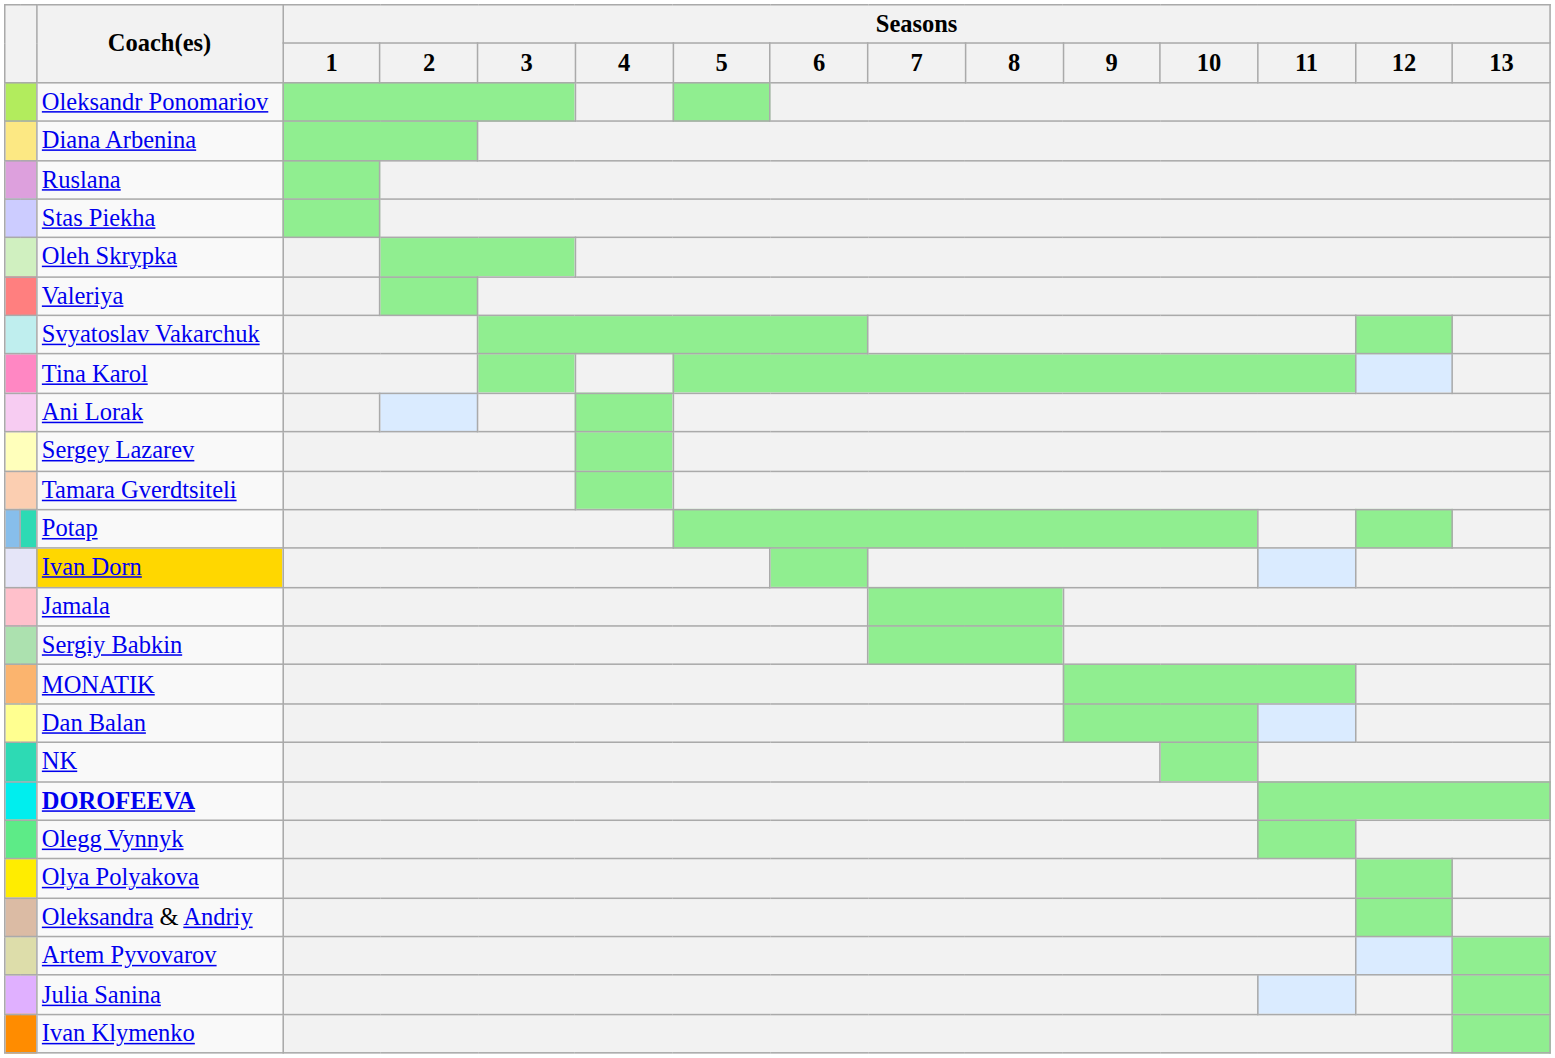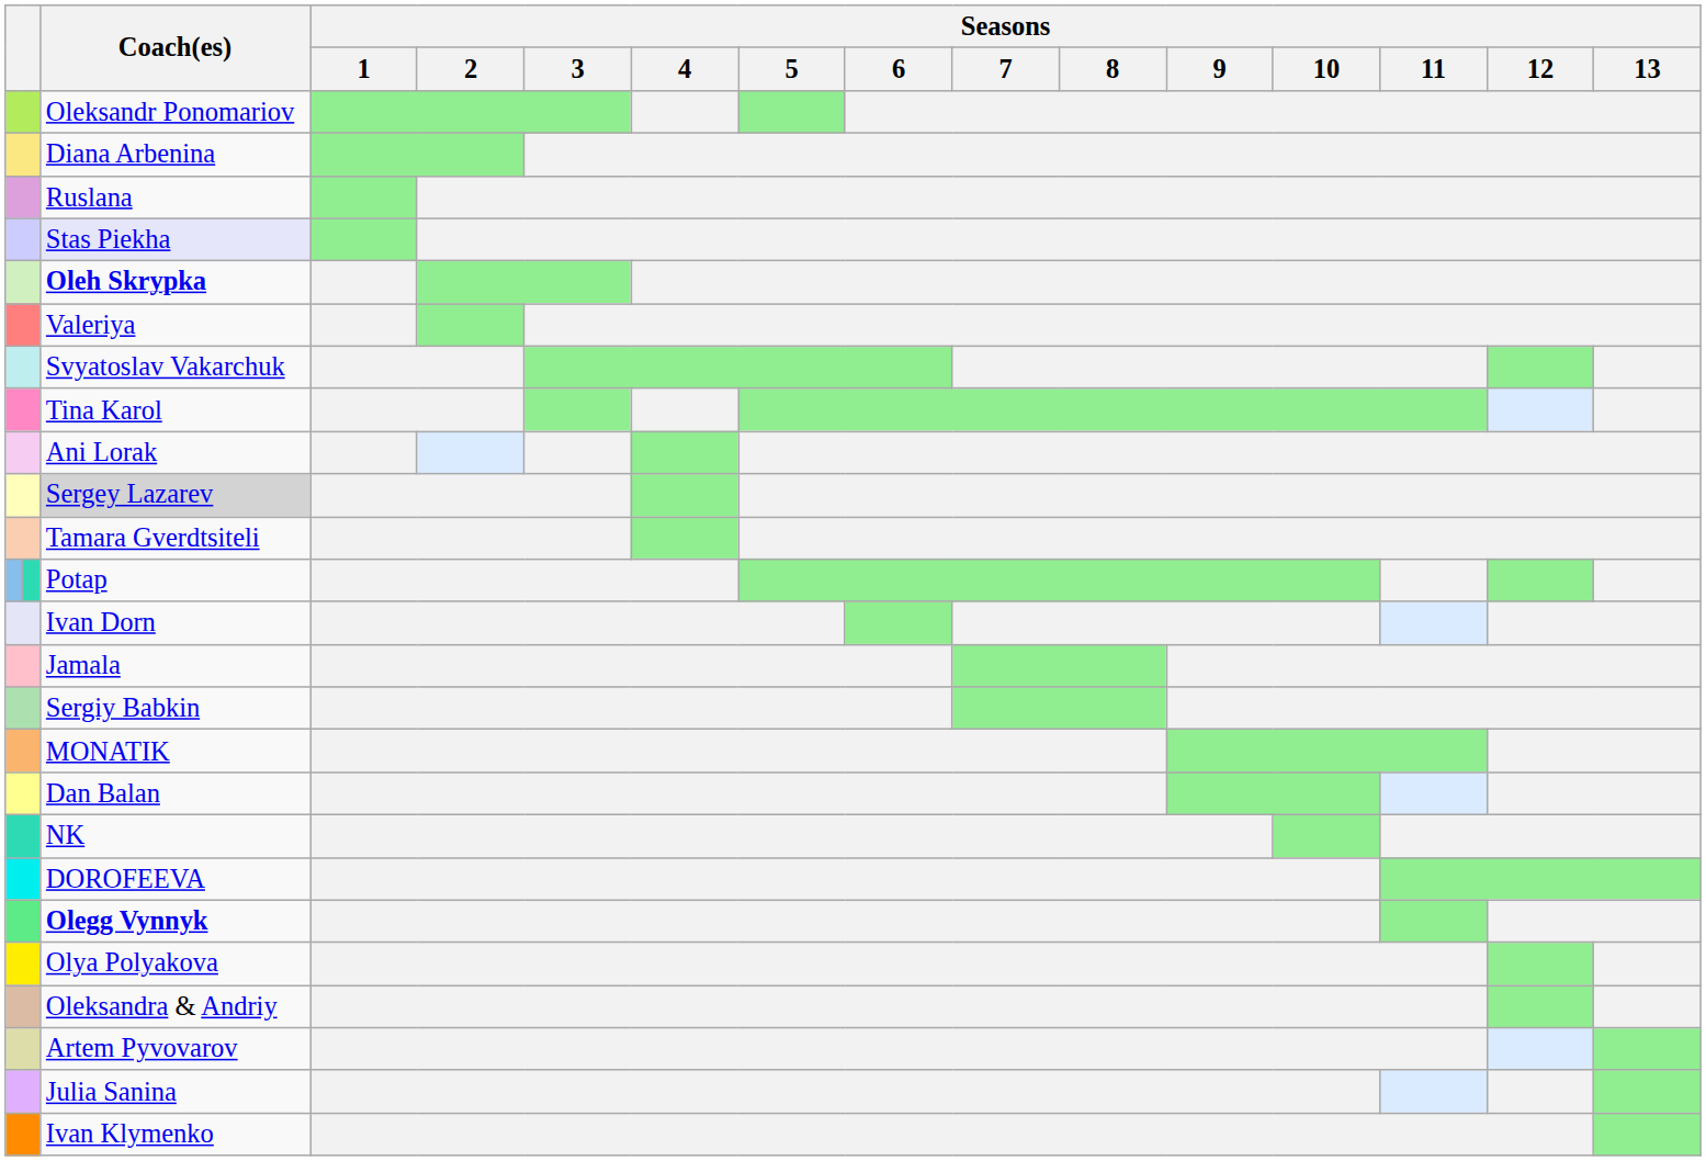 <table class="wikitable nowrap" style="width:80%; white-space: nowrap">
 <tr>
 <th rowspan="2" colspan="2" style="width:1%"></th>
 <th rowspan="2" width="01%">Coach(es)</th>
 <th colspan="13">Seasons</th>
 </tr>
 <tr>
 <th width="04%">1</th>
 <th width="04%">2</th>
 <th width="04%">3</th>
 <th width="04%">4</th>
 <th width="04%">5</th>
 <th width="04%">6</th>
 <th width="04%">7</th>
 <th width="04%">8</th>
 <th width="04%">9</th>
 <th width="04%">10</th>
 <th width="04%">11</th>
 <th width="04%">12</th>
 <th width="04%">13</th>
 </tr>
 <tr>
 <th colspan="2" style="background:#B2EC5D"></th>
 <td><a href='#'>Oleksandr Ponomariov</a></td>
 <td colspan="3" style="background:#90ee90"></td>
 <th></th>
 <td style="background:#90ee90"></td>
 <th colspan="8"></th>
 </tr>
 <tr>
 <th colspan="2" style="background:#FCE883"></th>
 <td><a href='#'>Diana Arbenina</a></td>
 <td colspan="2" style="background:#90ee90"></td>
 <th colspan="11"></th>
 </tr>
 <tr>
 <th colspan="2" style="background:#dda0dd"></th>
 <td><a href='#'>Ruslana</a></td>
 <td style="background:#90ee90"></td>
 <th colspan="12"></th>
 </tr>
 <tr>
 <th colspan="2" style="background:#ccccff"></th>
-<td><a href='#'>Stas Piekha</a></td>
+<td style="background: lavender;"><a href='#'>Stas Piekha</a></td>
 <td style="background:#90ee90"></td>
 <th colspan="12"></th>
 </tr>
 <tr>
 <th colspan="2" style="background:#d0f0c0"></th>
-<td><a href='#'>Oleh Skrypka</a></td>
+<td><strong><a href='#'>Oleh Skrypka</a></strong></td>
 <th></th>
 <td colspan="2" style="background:#90ee90"></td>
 <th colspan="10"></th>
 </tr>
 <tr>
 <th colspan="2" style="background:#ff7f7f"></th>
 <td><a href='#'>Valeriya</a></td>
 <th></th>
 <td style="background:#90ee90"></td>
 <th colspan="11"></th>
 </tr>
 <tr>
 <th colspan="2" style="background:#bfeeee"></th>
 <td><a href='#'>Svyatoslav Vakarchuk</a></td>
 <th colspan="2"></th>
 <td colspan="4" style="background:#90ee90"></td>
 <th colspan="5"></th>
 <td style="background:#90ee90"></td>
 <th></th>
 </tr>
 <tr>
 <th colspan="2" style="background:#FF87C3"></th>
 <td><a href='#'>Tina Karol</a></td>
 <th colspan="2"></th>
 <td style="background:#90ee90"></td>
 <th></th>
 <td colspan="7" style="background:#90ee90"></td>
 <td style="background:#daebff"></td>
 <th></th>
 </tr>
 <tr>
 <th colspan="2" style="background:#f7ccf2"></th>
 <td><a href='#'>Ani Lorak</a></td>
 <th></th>
 <td style="background:#daebff"></td>
 <th></th>
 <td style="background:#90ee90"></td>
 <th colspan="9"></th>
 </tr>
 <tr>
 <th colspan="2" style="background:#ffffbb"></th>
-<td><a href='#'>Sergey Lazarev</a></td>
+<td style="background: lightgrey;"><a href='#'>Sergey Lazarev</a></td>
 <th colspan="3"></th>
 <td style="background:#90ee90"></td>
 <th colspan="9"></th>
 </tr>
 <tr>
 <th colspan="2" style="background:#fbceb1"></th>
 <td><a href='#'>Tamara Gverdtsiteli</a></td>
 <th colspan="3"></th>
 <td style="background:#90ee90"></td>
 <th colspan="9"></th>
 </tr>
 <tr>
 <th style="background:#87beeb"></th>
 <th style="background:#2ddab4"></th>
 <td><a href='#'>Potap</a></td>
 <th colspan="4"></th>
 <td colspan="6" style="background:#90ee90"></td>
 <th></th>
 <td style="background:#90ee90"></td>
 <th></th>
 </tr>
 <tr>
 <th colspan="2" style="background:#e5e5f8"></th>
-<td style="background: gold;"><a href='#'>Ivan Dorn</a></td>
+<td><a href='#'>Ivan Dorn</a></td>
 <th colspan="5"></th>
 <td style="background:#90ee90"></td>
 <th colspan="4"></th>
 <td style="background:#daebff"></td>
 <th colspan="2"></th>
 </tr>
 <tr>
 <th colspan="2" style="background:pink"></th>
 <td><a href='#'>Jamala</a></td>
 <th colspan="6"></th>
 <td colspan="2" style="background:#90ee90"></td>
 <th colspan="5"></th>
 </tr>
 <tr>
 <th colspan="2" style="background:#ace1af"></th>
 <td><a href='#'>Sergiy Babkin</a></td>
 <th colspan="6"></th>
 <td colspan="2" style="background:#90ee90"></td>
 <th colspan="5"></th>
 </tr>
 <tr>
 <th Colspan="2" style="background:#fbb46e"></th>
 <td><a href='#'>MONATIK</a></td>
 <th colspan="8"></th>
 <td colspan="3" style="background:#90ee90"></td>
 <th colspan="2"></th>
 </tr>
 <tr>
 <th colspan="2" style="background:#FFFF90"></th>
 <td><a href='#'>Dan Balan</a></td>
 <th colspan="8"></th>
 <td colspan="2" style="background:#90ee90"></td>
 <td style="background:#daebff"></td>
 <th colspan="2"></th>
 </tr>
 <tr>
 <th colspan="2" style="background:#2ddab4"></th>
 <td><a href='#'>NK</a></td>
 <th colspan="9"></th>
 <td style="text-align:center; background:#90ee90"></td>
 <th colspan="3"></th>
 </tr>
 <tr>
 <th colspan="2" style="background:#00eeee"></th>
-<td><strong><a href='#'>DOROFEEVA</a></strong></td>
+<td><a href='#'>DOROFEEVA</a></td>
 <th colspan="10"></th>
 <td colspan="3" style="background:#90ee90"></td>
 </tr>
 <tr>
 <th colspan="2" style="background:#5deb87"></th>
-<td><a href='#'>Olegg Vynnyk</a></td>
+<td><strong><a href='#'>Olegg Vynnyk</a></strong></td>
 <th colspan="10"></th>
 <td style="background:#90ee90"></td>
 <th colspan="2"></th>
 </tr>
 <tr>
 <th colspan="2" style="background:#ffed00"></th>
 <td><a href='#'>Olya Polyakova</a></td>
 <th colspan="11"></th>
 <td style="background:#90ee90"></td>
 <th></th>
 </tr>
 <tr>
 <th colspan="2" style="background:#dbbba4"></th>
 <td><a href='#'>Oleksandra</a> & <a href='#'>Andriy</a></td>
 <th colspan="11"></th>
 <td style="background:#90ee90"></td>
 <th></th>
 </tr>
 <tr>
 <td colspan="2" style="background:#ddddaa"></td>
 <td><a href='#'>Artem Pyvovarov</a></td>
 <th colspan="11"></th>
 <td style="background:#daebff"></td>
 <td style="background:#90ee90"></td>
 </tr>
 <tr>
 <th colspan="2" style="background:#E0B0FF"></th>
 <td><a href='#'>Julia Sanina</a></td>
 <th colspan="10"></th>
 <td style="background:#daebff"></td>
 <th></th>
 <td style="background:#90ee90"></td>
 </tr>
 <tr>
 <th colspan="2" style="background:#FF8C00"></th>
 <td><a href='#'>Ivan Klymenko</a></td>
 <th colspan="12"></th>
 <td style="background:#90ee90"></td>
 </tr>
 </table>
